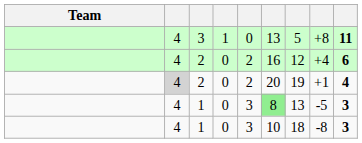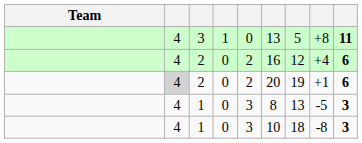 <table class="wikitable" style="text-align: center;">
 <tr>
 <th width="175">Team</th>
 <th width="20"></th>
 <th width="20"></th>
 <th width="20"></th>
 <th width="20"></th>
 <th width="20"></th>
 <th width="20"></th>
 <th width="20"></th>
 <th width="20"></th>
 </tr>
 <tr align=center bgcolor="#ccffcc">
 <td style="text-align:left;"></td>
 <td>4</td>
 <td>3</td>
 <td>1</td>
 <td>0</td>
 <td>13</td>
 <td>5</td>
 <td>+8</td>
 <td><strong>11</strong></td>
 </tr>
 <tr align=center bgcolor="#ccffcc">
 <td style="text-align:left;"></td>
 <td>4</td>
 <td>2</td>
 <td>0</td>
 <td>2</td>
 <td>16</td>
 <td>12</td>
 <td>+4</td>
 <td><strong>6</strong></td>
 </tr>
 <tr align=center>
 <td style="text-align:left;"></td>
 <td style="background: lightgrey;">4</td>
 <td>2</td>
 <td>0</td>
 <td>2</td>
 <td>20</td>
 <td>19</td>
 <td>+1</td>
-<td><strong>4</strong></td>
+<td><strong>6</strong></td>
 </tr>
 <tr align=center>
 <td style="text-align:left;"></td>
 <td>4</td>
 <td>1</td>
 <td>0</td>
 <td>3</td>
-<td style="background: lightgreen;">8</td>
+<td>8</td>
 <td>13</td>
 <td>-5</td>
 <td><strong>3</strong></td>
 </tr>
 <tr align=center>
 <td style="text-align:left;"></td>
 <td>4</td>
 <td>1</td>
 <td>0</td>
 <td>3</td>
 <td>10</td>
 <td>18</td>
 <td>-8</td>
 <td><strong>3</strong></td>
 </tr>
 </table>
